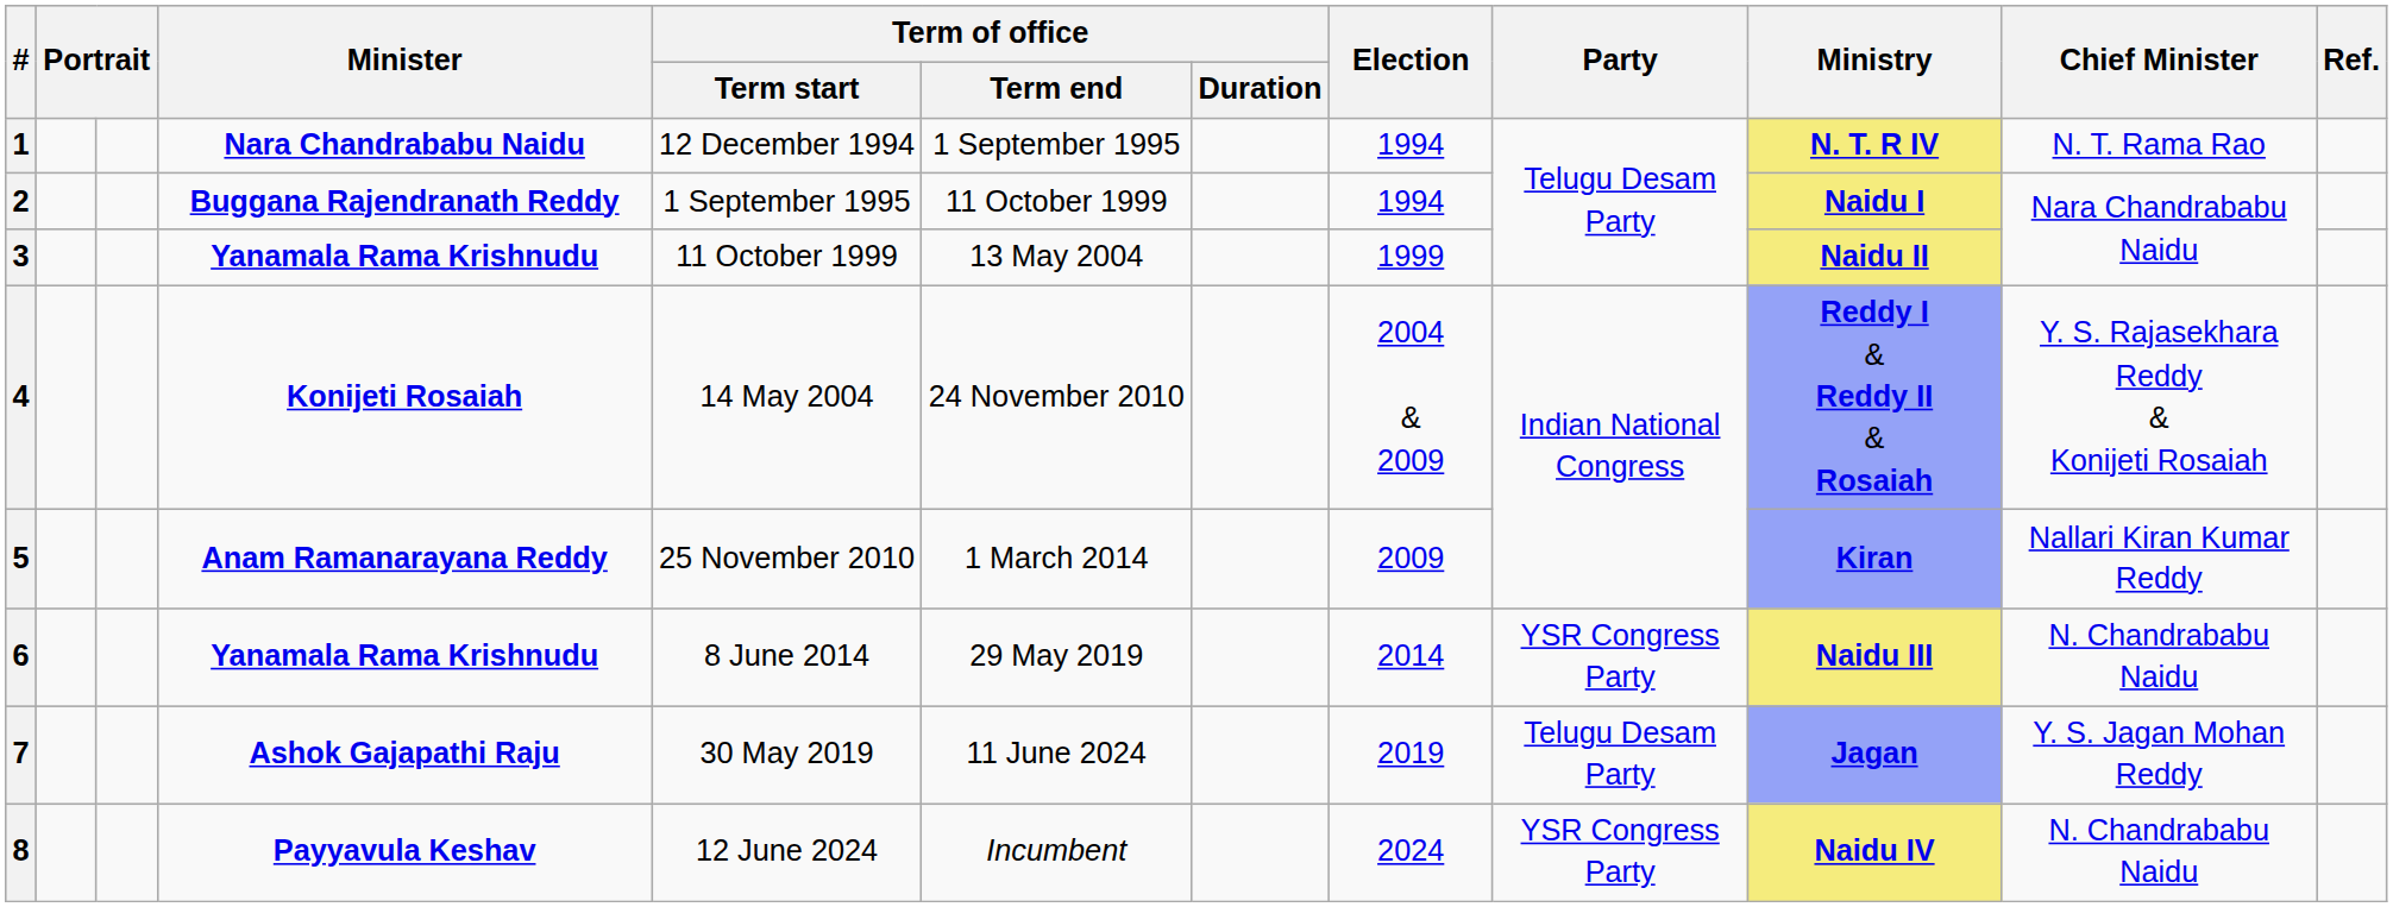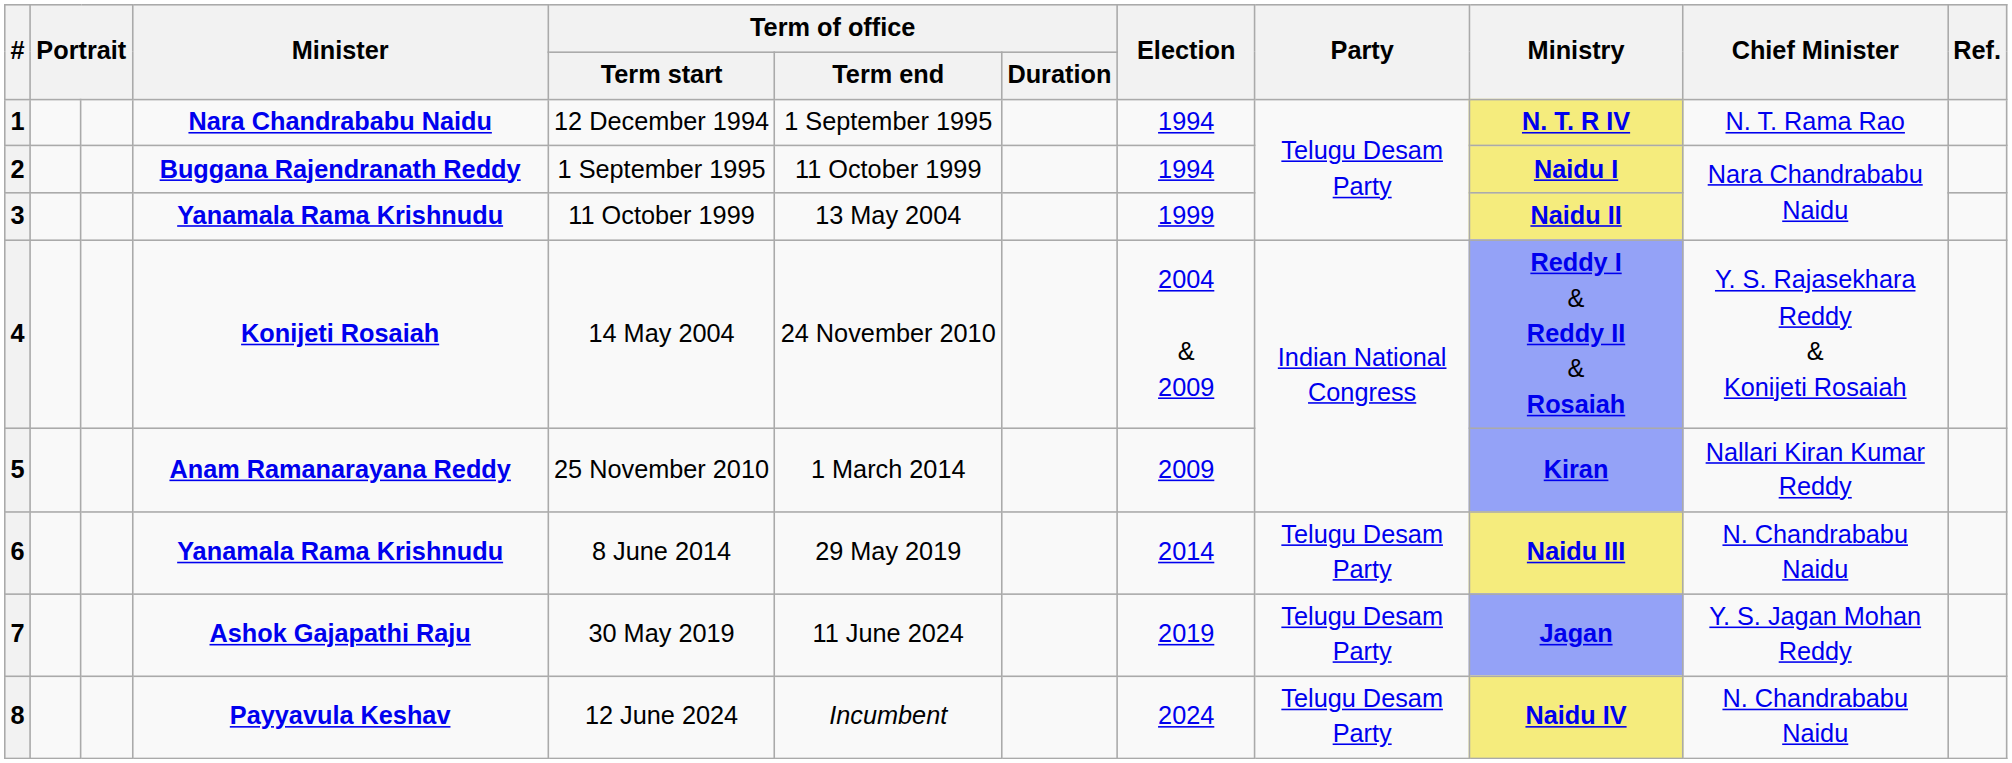 <table class="wikitable" style="line-height:1.4em; text-align:center">
 <tr>
 <th rowspan=2>#</th>
 <th rowspan=2 colspan="2">Portrait</th>
 <th rowspan=2 style="width:16em">Minister<br></th>
 <th colspan="3">Term of office</th>
 <th rowspan=2 style="width:5em">Election<br></th>
 <th rowspan=2 style="width:8em">Party</th>
 <th rowspan=2 style="width:8em">Ministry</th>
 <th rowspan=2 style="width:10em">Chief Minister</th>
 <th rowspan=2>Ref.</th>
 </tr>
 <tr>
 <th>Term start</th>
 <th>Term end</th>
 <th>Duration</th>
 </tr>
 <tr>
 <th>1</th>
 <td></td>
 <td></td>
 <td><strong><a href='#'>Nara Chandrababu Naidu</a></strong><br></td>
 <td>12 December 1994</td>
 <td>1 September 1995</td>
 <td><strong></strong></td>
 <td><a href='#'>1994</a><br></td>
 <td rowspan="3"><a href='#'>Telugu Desam Party</a></td>
 <td bgcolor="#F5EC7D"><strong><a href='#'>N. T. R IV</a></strong></td>
 <td><a href='#'>N. T. Rama Rao</a></td>
 <td></td>
 </tr>
 <tr>
 <th>2</th>
 <td></td>
 <td></td>
 <td><strong><a href='#'>Buggana Rajendranath Reddy</a></strong><br></td>
 <td>1 September 1995</td>
 <td>11 October 1999</td>
 <td><strong></strong></td>
 <td><a href='#'>1994</a><br></td>
 <td bgcolor="#F5EC7D"><strong><a href='#'>Naidu I</a></strong></td>
 <td rowspan="2"><a href='#'>Nara Chandrababu Naidu</a></td>
 <td></td>
 </tr>
 <tr>
 <th>3</th>
 <td></td>
 <td></td>
 <td><strong><a href='#'>Yanamala Rama Krishnudu</a></strong><br></td>
 <td>11 October 1999</td>
 <td>13 May 2004</td>
 <td><strong></strong></td>
 <td><a href='#'>1999</a><br></td>
 <td bgcolor="#F5EC7D"><strong><a href='#'>Naidu II</a></strong></td>
 <td></td>
 </tr>
 <tr>
 <th>4</th>
 <td></td>
 <td></td>
 <td><strong><a href='#'>Konijeti Rosaiah</a></strong><br></td>
 <td>14 May 2004</td>
 <td>24 November 2010</td>
 <td><strong></strong></td>
 <td><a href='#'>2004</a><br><br>&<br><a href='#'>2009</a><br></td>
 <td rowspan="2"><a href='#'>Indian National Congress</a></td>
 <td bgcolor="#94A2F7"><strong><a href='#'>Reddy I</a></strong><br>&<br><strong><a href='#'>Reddy II</a></strong><br>&<br> <strong><a href='#'>Rosaiah</a></strong></td>
 <td><a href='#'>Y. S. Rajasekhara Reddy</a><br>&<br><a href='#'>Konijeti Rosaiah</a></td>
 <td></td>
 </tr>
 <tr>
 <th>5</th>
 <td></td>
 <td></td>
 <td><strong><a href='#'>Anam Ramanarayana Reddy</a></strong><br></td>
 <td>25 November 2010</td>
 <td>1 March 2014</td>
 <td><strong></strong></td>
 <td><a href='#'>2009</a><br></td>
 <td bgcolor="#94A2F7"><strong><a href='#'>Kiran</a></strong></td>
 <td><a href='#'>Nallari Kiran Kumar Reddy</a></td>
 <td></td>
 </tr>
 <tr>
 <th>6</th>
 <td></td>
 <td></td>
 <td><strong><a href='#'>Yanamala Rama Krishnudu</a></strong><br></td>
 <td>8 June 2014</td>
 <td>29 May 2019</td>
 <td><strong></strong></td>
 <td><a href='#'>2014</a><br></td>
-<td><a href='#'>YSR Congress Party</a></td>
+<td><a href='#'>Telugu Desam Party</a></td>
 <td bgcolor="#F5EC7D"><strong><a href='#'>Naidu III</a></strong></td>
 <td><a href='#'>N. Chandrababu Naidu</a></td>
 <td></td>
 </tr>
 <tr>
 <th>7</th>
 <td></td>
 <td><br></td>
 <td><strong><a href='#'>Ashok Gajapathi Raju</a></strong><br></td>
 <td>30 May 2019</td>
 <td>11 June 2024</td>
 <td><strong></strong></td>
 <td><a href='#'>2019</a><br></td>
 <td><a href='#'>Telugu Desam Party</a></td>
 <td bgcolor="#94A2F7"><strong><a href='#'>Jagan</a></strong></td>
 <td><a href='#'>Y. S. Jagan Mohan Reddy</a></td>
 <td></td>
 </tr>
 <tr>
 <th>8</th>
 <td></td>
 <td></td>
 <td><strong><a href='#'>Payyavula Keshav</a></strong><br></td>
 <td>12 June 2024</td>
 <td><em>Incumbent</em></td>
 <td><strong></strong></td>
 <td><a href='#'>2024</a><br></td>
-<td><a href='#'>YSR Congress Party</a></td>
+<td><a href='#'>Telugu Desam Party</a></td>
 <td bgcolor="#F5EC7D"><strong><a href='#'>Naidu IV</a></strong></td>
 <td><a href='#'>N. Chandrababu Naidu</a></td>
 <td></td>
 </tr>
 </table>
